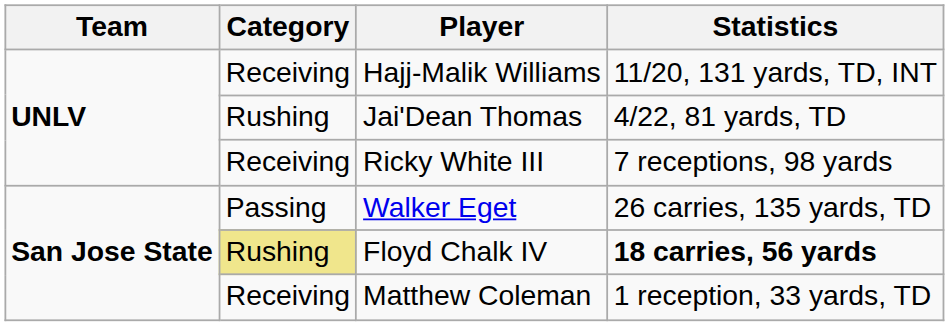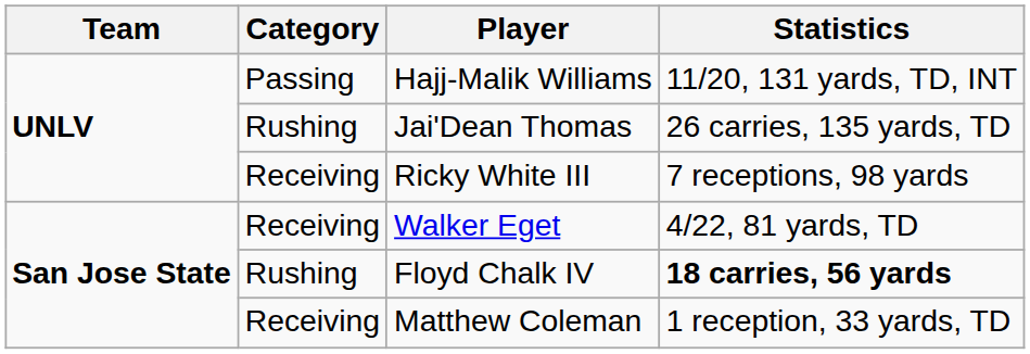 <table class="wikitable" style="float: right;">
 <tr>
 <th>Team</th>
 <th>Category</th>
 <th>Player</th>
 <th>Statistics</th>
 </tr>
 <tr>
 <td rowspan=3><strong>UNLV</strong></td>
-<td>Receiving</td>
+<td>Passing</td>
 <td>Hajj-Malik Williams</td>
 <td>11/20, 131 yards, TD, INT</td>
 </tr>
 <tr>
 <td>Rushing</td>
 <td>Jai'Dean Thomas</td>
-<td>4/22, 81 yards, TD</td>
+<td>26 carries, 135 yards, TD</td>
 </tr>
 <tr>
 <td>Receiving</td>
 <td>Ricky White III</td>
 <td>7 receptions, 98 yards</td>
 </tr>
 <tr>
 <td rowspan=3><strong>San Jose State</strong></td>
-<td>Passing</td>
+<td>Receiving</td>
 <td><a href='#'>Walker Eget</a></td>
-<td>26 carries, 135 yards, TD</td>
+<td>4/22, 81 yards, TD</td>
 </tr>
 <tr>
-<td style="background: khaki;">Rushing</td>
+<td>Rushing</td>
 <td>Floyd Chalk IV</td>
 <td><strong>18 carries, 56 yards</strong></td>
 </tr>
 <tr>
 <td>Receiving</td>
 <td>Matthew Coleman</td>
 <td>1 reception, 33 yards, TD</td>
 </tr>
 </table>
